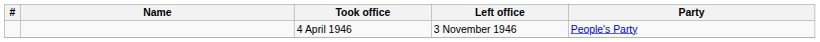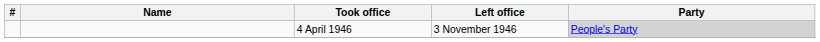 <table class="wikitable">
 <tr>
 <th width="1%">#</th>
 <th width="20%">Name</th>
 <th width="10%">Took office</th>
 <th width="10%">Left office</th>
 <th width="18%">Party</th>
 </tr>
 <tr>
 <td></td>
 <td></td>
 <td>4 April 1946</td>
 <td>3 November 1946</td>
-<td><a href='#'>People's Party</a></td>
+<td style="background: lightgrey;"><a href='#'>People's Party</a></td>
 </tr>
 <tr>
 </tr>
 </table>
